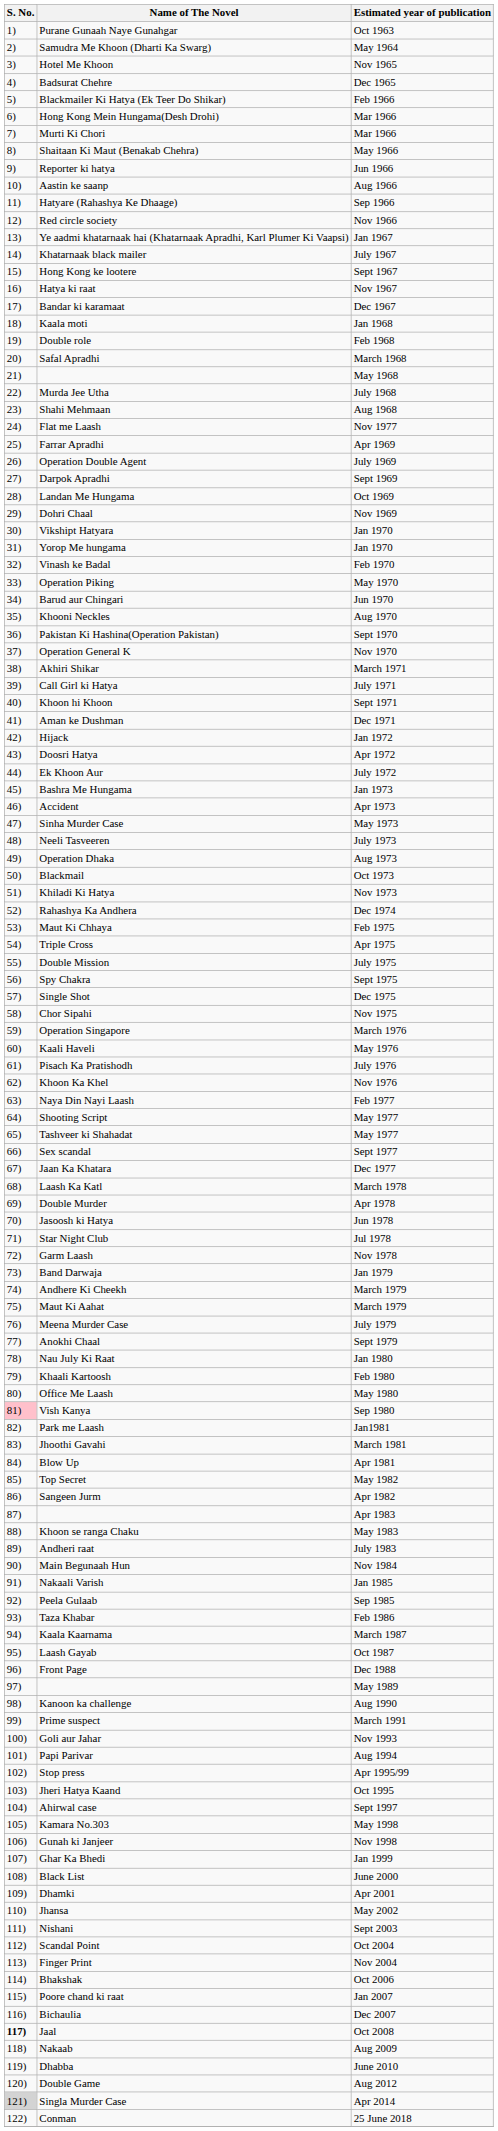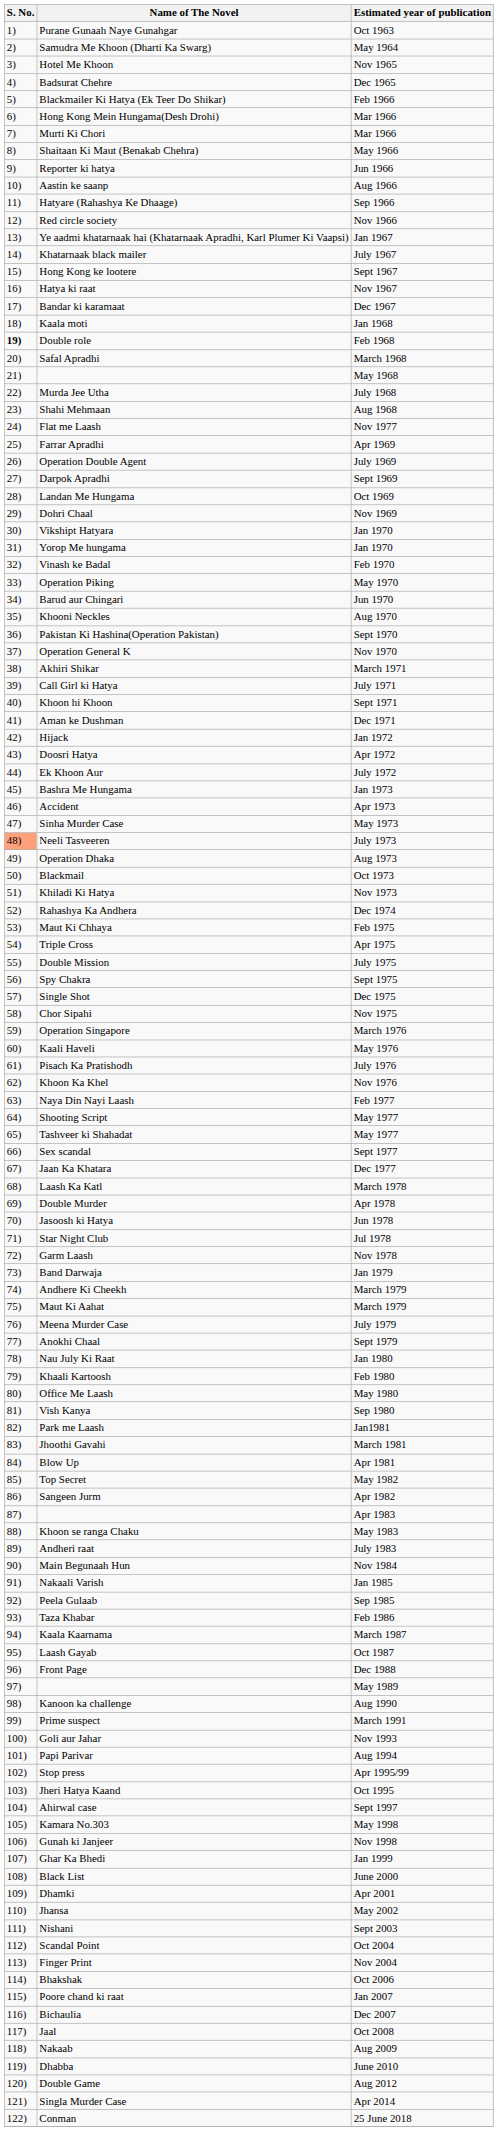 <table class="wikitable">
 <tr>
 <th>S. No.</th>
 <th>Name of The Novel</th>
 <th>Estimated year of publication</th>
 </tr>
 <tr>
 <td>1)</td>
 <td>Purane Gunaah Naye Gunahgar</td>
 <td>Oct 1963</td>
 </tr>
 <tr>
 <td>2)</td>
 <td>Samudra Me Khoon (Dharti Ka Swarg)</td>
 <td>May 1964</td>
 </tr>
 <tr>
 <td>3)</td>
 <td>Hotel Me Khoon</td>
 <td>Nov 1965</td>
 </tr>
 <tr>
 <td>4)</td>
 <td>Badsurat Chehre</td>
 <td>Dec 1965</td>
 </tr>
 <tr>
 <td>5)</td>
 <td>Blackmailer Ki Hatya (Ek Teer Do Shikar)</td>
 <td>Feb 1966</td>
 </tr>
 <tr>
 <td>6)</td>
 <td>Hong Kong Mein Hungama(Desh Drohi)</td>
 <td>Mar 1966</td>
 </tr>
 <tr>
 <td>7)</td>
 <td>Murti Ki Chori</td>
 <td>Mar 1966</td>
 </tr>
 <tr>
 <td>8)</td>
 <td>Shaitaan Ki Maut (Benakab Chehra)</td>
 <td>May 1966</td>
 </tr>
 <tr>
 <td>9)</td>
 <td>Reporter ki hatya</td>
 <td>Jun 1966</td>
 </tr>
 <tr>
 <td>10)</td>
 <td>Aastin ke saanp</td>
 <td>Aug 1966</td>
 </tr>
 <tr>
 <td>11)</td>
 <td>Hatyare (Rahashya Ke Dhaage)</td>
 <td>Sep 1966</td>
 </tr>
 <tr>
 <td>12)</td>
 <td>Red circle society</td>
 <td>Nov 1966</td>
 </tr>
 <tr>
 <td>13)</td>
 <td>Ye aadmi khatarnaak hai (Khatarnaak Apradhi, Karl Plumer Ki Vaapsi)</td>
 <td>Jan 1967</td>
 </tr>
 <tr>
 <td>14)</td>
 <td>Khatarnaak black mailer</td>
 <td>July 1967</td>
 </tr>
 <tr>
 <td>15)</td>
 <td>Hong Kong ke lootere</td>
 <td>Sept 1967</td>
 </tr>
 <tr>
 <td>16)</td>
 <td>Hatya ki raat</td>
 <td>Nov 1967</td>
 </tr>
 <tr>
 <td>17)</td>
 <td>Bandar ki karamaat</td>
 <td>Dec 1967</td>
 </tr>
 <tr>
 <td>18)</td>
 <td>Kaala moti</td>
 <td>Jan 1968</td>
 </tr>
 <tr>
-<td>19)</td>
+<td><strong>19)</strong></td>
 <td>Double role</td>
 <td>Feb 1968</td>
 </tr>
 <tr>
 <td>20)</td>
 <td>Safal Apradhi</td>
 <td>March 1968</td>
 </tr>
 <tr>
 <td>21)</td>
 <td></td>
 <td>May 1968</td>
 </tr>
 <tr>
 <td>22)</td>
 <td>Murda Jee Utha</td>
 <td>July 1968</td>
 </tr>
 <tr>
 <td>23)</td>
 <td>Shahi Mehmaan</td>
 <td>Aug 1968</td>
 </tr>
 <tr>
 <td>24)</td>
 <td>Flat me Laash</td>
 <td>Nov 1977</td>
 </tr>
 <tr>
 <td>25)</td>
 <td>Farrar Apradhi</td>
 <td>Apr 1969</td>
 </tr>
 <tr>
 <td>26)</td>
 <td>Operation Double Agent</td>
 <td>July 1969</td>
 </tr>
 <tr>
 <td>27)</td>
 <td>Darpok Apradhi</td>
 <td>Sept 1969</td>
 </tr>
 <tr>
 <td>28)</td>
 <td>Landan Me Hungama</td>
 <td>Oct 1969</td>
 </tr>
 <tr>
 <td>29)</td>
 <td>Dohri Chaal</td>
 <td>Nov 1969</td>
 </tr>
 <tr>
 <td>30)</td>
 <td>Vikshipt Hatyara</td>
 <td>Jan 1970</td>
 </tr>
 <tr>
 <td>31)</td>
 <td>Yorop Me hungama</td>
 <td>Jan 1970</td>
 </tr>
 <tr>
 <td>32)</td>
 <td>Vinash ke Badal</td>
 <td>Feb 1970</td>
 </tr>
 <tr>
 <td>33)</td>
 <td>Operation Piking</td>
 <td>May 1970</td>
 </tr>
 <tr>
 <td>34)</td>
 <td>Barud aur Chingari</td>
 <td>Jun 1970</td>
 </tr>
 <tr>
 <td>35)</td>
 <td>Khooni Neckles</td>
 <td>Aug 1970</td>
 </tr>
 <tr>
 <td>36)</td>
 <td>Pakistan Ki Hashina(Operation Pakistan)</td>
 <td>Sept 1970</td>
 </tr>
 <tr>
 <td>37)</td>
 <td>Operation General K</td>
 <td>Nov 1970</td>
 </tr>
 <tr>
 <td>38)</td>
 <td>Akhiri Shikar</td>
 <td>March 1971</td>
 </tr>
 <tr>
 <td>39)</td>
 <td>Call Girl ki Hatya</td>
 <td>July 1971</td>
 </tr>
 <tr>
 <td>40)</td>
 <td>Khoon hi Khoon</td>
 <td>Sept 1971</td>
 </tr>
 <tr>
 <td>41)</td>
 <td>Aman ke Dushman</td>
 <td>Dec 1971</td>
 </tr>
 <tr>
 <td>42)</td>
 <td>Hijack</td>
 <td>Jan 1972</td>
 </tr>
 <tr>
 <td>43)</td>
 <td>Doosri Hatya</td>
 <td>Apr 1972</td>
 </tr>
 <tr>
 <td>44)</td>
 <td>Ek Khoon Aur</td>
 <td>July 1972</td>
 </tr>
 <tr>
 <td>45)</td>
 <td>Bashra Me Hungama</td>
 <td>Jan 1973</td>
 </tr>
 <tr>
 <td>46)</td>
 <td>Accident</td>
 <td>Apr 1973</td>
 </tr>
 <tr>
 <td>47)</td>
 <td>Sinha Murder Case</td>
 <td>May 1973</td>
 </tr>
 <tr>
-<td>48)</td>
+<td style="background: lightsalmon;">48)</td>
 <td>Neeli Tasveeren</td>
 <td>July 1973</td>
 </tr>
 <tr>
 <td>49)</td>
 <td>Operation Dhaka</td>
 <td>Aug 1973</td>
 </tr>
 <tr>
 <td>50)</td>
 <td>Blackmail</td>
 <td>Oct 1973</td>
 </tr>
 <tr>
 <td>51)</td>
 <td>Khiladi Ki Hatya</td>
 <td>Nov 1973</td>
 </tr>
 <tr>
 <td>52)</td>
 <td>Rahashya Ka Andhera</td>
 <td>Dec 1974</td>
 </tr>
 <tr>
 <td>53)</td>
 <td>Maut Ki Chhaya</td>
 <td>Feb 1975</td>
 </tr>
 <tr>
 <td>54)</td>
 <td>Triple Cross</td>
 <td>Apr 1975</td>
 </tr>
 <tr>
 <td>55)</td>
 <td>Double Mission</td>
 <td>July 1975</td>
 </tr>
 <tr>
 <td>56)</td>
 <td>Spy Chakra</td>
 <td>Sept 1975</td>
 </tr>
 <tr>
 <td>57)</td>
 <td>Single Shot</td>
 <td>Dec 1975</td>
 </tr>
 <tr>
 <td>58)</td>
 <td>Chor Sipahi</td>
 <td>Nov 1975</td>
 </tr>
 <tr>
 <td>59)</td>
 <td>Operation Singapore</td>
 <td>March 1976</td>
 </tr>
 <tr>
 <td>60)</td>
 <td>Kaali Haveli</td>
 <td>May 1976</td>
 </tr>
 <tr>
 <td>61)</td>
 <td>Pisach Ka Pratishodh</td>
 <td>July 1976</td>
 </tr>
 <tr>
 <td>62)</td>
 <td>Khoon Ka Khel</td>
 <td>Nov 1976</td>
 </tr>
 <tr>
 <td>63)</td>
 <td>Naya Din Nayi Laash</td>
 <td>Feb 1977</td>
 </tr>
 <tr>
 <td>64)</td>
 <td>Shooting Script</td>
 <td>May 1977</td>
 </tr>
 <tr>
 <td>65)</td>
 <td>Tashveer ki Shahadat</td>
 <td>May 1977</td>
 </tr>
 <tr>
 <td>66)</td>
 <td>Sex scandal</td>
 <td>Sept 1977</td>
 </tr>
 <tr>
 <td>67)</td>
 <td>Jaan Ka Khatara</td>
 <td>Dec 1977</td>
 </tr>
 <tr>
 <td>68)</td>
 <td>Laash Ka Katl</td>
 <td>March 1978</td>
 </tr>
 <tr>
 <td>69)</td>
 <td>Double Murder</td>
 <td>Apr 1978</td>
 </tr>
 <tr>
 <td>70)</td>
 <td>Jasoosh ki Hatya</td>
 <td>Jun 1978</td>
 </tr>
 <tr>
 <td>71)</td>
 <td>Star Night Club</td>
 <td>Jul 1978</td>
 </tr>
 <tr>
 <td>72)</td>
 <td>Garm Laash</td>
 <td>Nov 1978</td>
 </tr>
 <tr>
 <td>73)</td>
 <td>Band Darwaja</td>
 <td>Jan 1979</td>
 </tr>
 <tr>
 <td>74)</td>
 <td>Andhere Ki Cheekh</td>
 <td>March 1979</td>
 </tr>
 <tr>
 <td>75)</td>
 <td>Maut Ki Aahat</td>
 <td>March 1979</td>
 </tr>
 <tr>
 <td>76)</td>
 <td>Meena Murder Case</td>
 <td>July 1979</td>
 </tr>
 <tr>
 <td>77)</td>
 <td>Anokhi Chaal</td>
 <td>Sept 1979</td>
 </tr>
 <tr>
 <td>78)</td>
 <td>Nau July Ki Raat</td>
 <td>Jan 1980</td>
 </tr>
 <tr>
 <td>79)</td>
 <td>Khaali Kartoosh</td>
 <td>Feb 1980</td>
 </tr>
 <tr>
 <td>80)</td>
 <td>Office Me Laash</td>
 <td>May 1980</td>
 </tr>
 <tr>
-<td style="background: pink;">81)</td>
+<td>81)</td>
 <td>Vish Kanya</td>
 <td>Sep 1980</td>
 </tr>
 <tr>
 <td>82)</td>
 <td>Park me Laash</td>
 <td>Jan1981</td>
 </tr>
 <tr>
 <td>83)</td>
 <td>Jhoothi Gavahi</td>
 <td>March 1981</td>
 </tr>
 <tr>
 <td>84)</td>
 <td>Blow Up</td>
 <td>Apr 1981</td>
 </tr>
 <tr>
 <td>85)</td>
 <td>Top Secret</td>
 <td>May 1982</td>
 </tr>
 <tr>
 <td>86)</td>
 <td>Sangeen Jurm</td>
 <td>Apr 1982</td>
 </tr>
 <tr>
 <td>87)</td>
 <td></td>
 <td>Apr 1983</td>
 </tr>
 <tr>
 <td>88)</td>
 <td>Khoon se ranga Chaku</td>
 <td>May 1983</td>
 </tr>
 <tr>
 <td>89)</td>
 <td>Andheri raat</td>
 <td>July 1983</td>
 </tr>
 <tr>
 <td>90)</td>
 <td>Main Begunaah Hun</td>
 <td>Nov 1984</td>
 </tr>
 <tr>
 <td>91)</td>
 <td>Nakaali Varish</td>
 <td>Jan 1985</td>
 </tr>
 <tr>
 <td>92)</td>
 <td>Peela Gulaab</td>
 <td>Sep 1985</td>
 </tr>
 <tr>
 <td>93)</td>
 <td>Taza Khabar</td>
 <td>Feb 1986</td>
 </tr>
 <tr>
 <td>94)</td>
 <td>Kaala Kaarnama</td>
 <td>March 1987</td>
 </tr>
 <tr>
 <td>95)</td>
 <td>Laash Gayab</td>
 <td>Oct 1987</td>
 </tr>
 <tr>
 <td>96)</td>
 <td>Front Page</td>
 <td>Dec 1988</td>
 </tr>
 <tr>
 <td>97)</td>
 <td></td>
 <td>May 1989</td>
 </tr>
 <tr>
 <td>98)</td>
 <td>Kanoon ka challenge</td>
 <td>Aug 1990</td>
 </tr>
 <tr>
 <td>99)</td>
 <td>Prime suspect</td>
 <td>March 1991</td>
 </tr>
 <tr>
 <td>100)</td>
 <td>Goli aur Jahar</td>
 <td>Nov 1993</td>
 </tr>
 <tr>
 <td>101)</td>
 <td>Papi Parivar</td>
 <td>Aug 1994</td>
 </tr>
 <tr>
 <td>102)</td>
 <td>Stop press</td>
 <td>Apr 1995/99</td>
 </tr>
 <tr>
 <td>103)</td>
 <td>Jheri Hatya Kaand</td>
 <td>Oct 1995</td>
 </tr>
 <tr>
 <td>104)</td>
 <td>Ahirwal case</td>
 <td>Sept 1997</td>
 </tr>
 <tr>
 <td>105)</td>
 <td>Kamara No.303</td>
 <td>May 1998</td>
 </tr>
 <tr>
 <td>106)</td>
 <td>Gunah ki Janjeer</td>
 <td>Nov 1998</td>
 </tr>
 <tr>
 <td>107)</td>
 <td>Ghar Ka Bhedi</td>
 <td>Jan 1999</td>
 </tr>
 <tr>
 <td>108)</td>
 <td>Black List</td>
 <td>June 2000</td>
 </tr>
 <tr>
 <td>109)</td>
 <td>Dhamki</td>
 <td>Apr 2001</td>
 </tr>
 <tr>
 <td>110)</td>
 <td>Jhansa</td>
 <td>May 2002</td>
 </tr>
 <tr>
 <td>111)</td>
 <td>Nishani</td>
 <td>Sept 2003</td>
 </tr>
 <tr>
 <td>112)</td>
 <td>Scandal Point</td>
 <td>Oct 2004</td>
 </tr>
 <tr>
 <td>113)</td>
 <td>Finger Print</td>
 <td>Nov 2004</td>
 </tr>
 <tr>
 <td>114)</td>
 <td>Bhakshak</td>
 <td>Oct 2006</td>
 </tr>
 <tr>
 <td>115)</td>
 <td>Poore chand ki raat</td>
 <td>Jan 2007</td>
 </tr>
 <tr>
 <td>116)</td>
 <td>Bichaulia</td>
 <td>Dec 2007</td>
 </tr>
 <tr>
-<td><strong>117)</strong></td>
+<td>117)</td>
 <td>Jaal</td>
 <td>Oct 2008</td>
 </tr>
 <tr>
 <td>118)</td>
 <td>Nakaab</td>
 <td>Aug 2009</td>
 </tr>
 <tr>
 <td>119)</td>
 <td>Dhabba</td>
 <td>June 2010</td>
 </tr>
 <tr>
 <td>120)</td>
 <td>Double Game</td>
 <td>Aug 2012</td>
 </tr>
 <tr>
-<td style="background: lightgrey;">121)</td>
+<td>121)</td>
 <td>Singla Murder Case</td>
 <td>Apr 2014</td>
 </tr>
 <tr>
 <td>122)</td>
 <td>Conman</td>
 <td>25 June 2018</td>
 </tr>
 <tr>
 </tr>
 </table>
